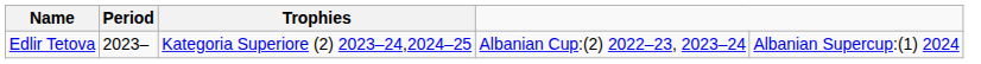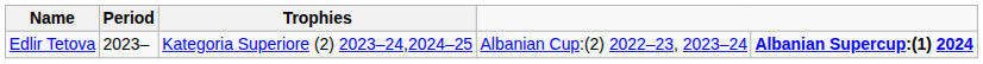 <table class="wikitable">
 <tr>
 <th>Name</th>
 <th>Period</th>
 <th>Trophies</th>
 </tr>
 <tr>
 <td> <a href='#'>Edlir Tetova</a></td>
 <td>2023–</td>
 <td><a href='#'>Kategoria Superiore</a> (2) <a href='#'>2023–24</a>,<a href='#'>2024–25</a></td>
 <td><a href='#'>Albanian Cup</a>:(2) <a href='#'>2022–23</a>, <a href='#'>2023–24</a></td>
-<td><a href='#'>Albanian Supercup</a>:(1) <a href='#'>2024</a></td>
+<td><strong><a href='#'>Albanian Supercup</a>:(1) <a href='#'>2024</a></strong></td>
 </tr>
 </table>
